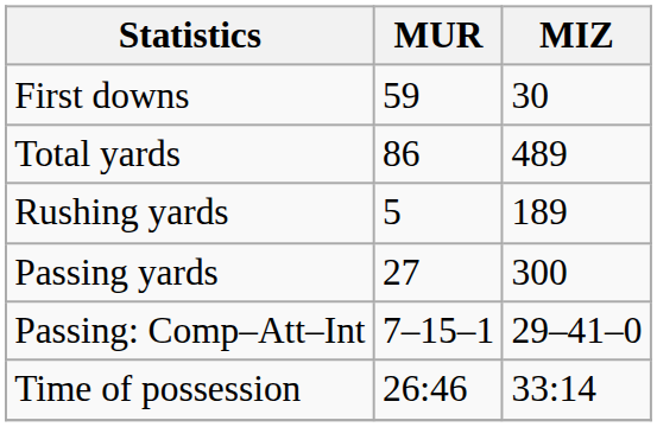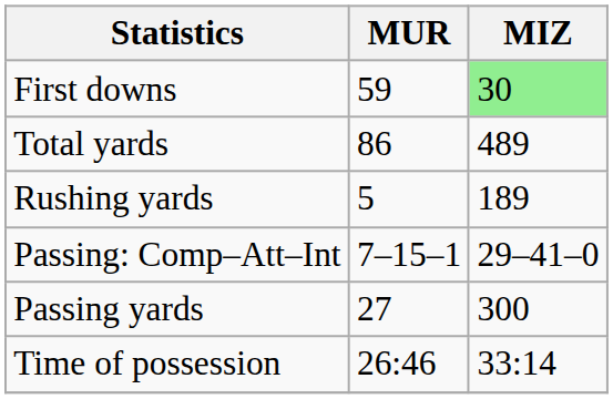 <table class="wikitable" style="float: left;">
 <tr>
 <th>Statistics</th>
 <th>MUR</th>
 <th>MIZ</th>
 </tr>
 <tr>
 <td>First downs</td>
 <td>59</td>
-<td>30</td>
+<td style="background: lightgreen;">30</td>
 </tr>
 <tr>
 <td>Total yards</td>
 <td>86</td>
 <td>489</td>
 </tr>
 <tr>
 <td>Rushing yards</td>
 <td>5</td>
 <td>189</td>
 </tr>
 <tr>
+<td>Passing: Comp–Att–Int</td>
+<td>7–15–1</td>
+<td>29–41–0</td>
+</tr>
+<tr>
 <td>Passing yards</td>
 <td>27</td>
 <td>300</td>
-</tr>
-<tr>
-<td>Passing: Comp–Att–Int</td>
-<td>7–15–1</td>
-<td>29–41–0</td>
 </tr>
 <tr>
 <td>Time of possession</td>
 <td>26:46</td>
 <td>33:14</td>
 </tr>
 <tr>
 </tr>
 </table>
